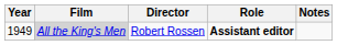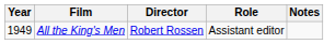 <table class="wikitable">
 <tr>
 <th>Year</th>
 <th>Film</th>
 <th>Director</th>
 <th>Role</th>
 <th>Notes</th>
 </tr>
 <tr>
 <td>1949</td>
-<td style="background: lightgrey;"><em><a href='#'>All the King's Men</a></em></td>
+<td><em><a href='#'>All the King's Men</a></em></td>
 <td><a href='#'>Robert Rossen</a></td>
-<td><strong>Assistant editor</strong></td>
+<td>Assistant editor</td>
 <td><small></small></td>
 </tr>
 </table>
